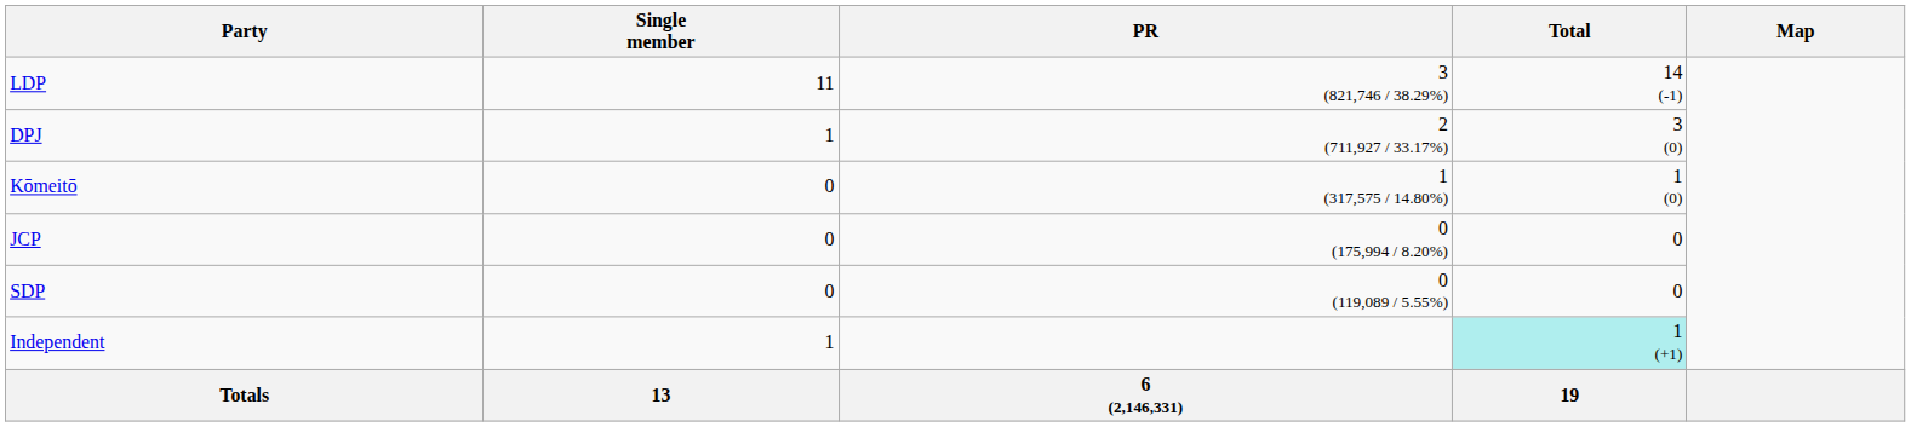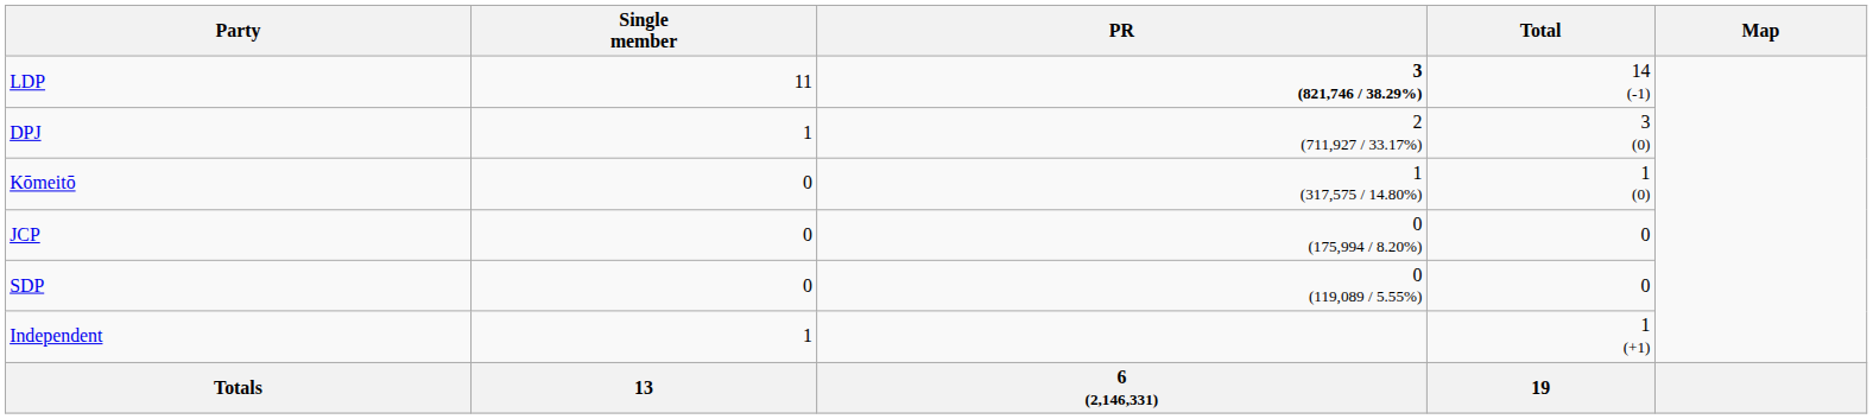 <table class="wikitable" width="100%">
 <tr>
 <th>Party</th>
 <th>Single<br>member</th>
 <th>PR</th>
 <th>Total</th>
 <th>Map</th>
 </tr>
 <tr>
 <td><a href='#'>LDP</a></td>
 <td align="right">11</td>
-<td align="right">3<br><small>(821,746 / 38.29%)</small></td>
+<td align="right"><strong>3<br><small>(821,746 / 38.29%)</small></strong></td>
 <td align="right">14<br><small>(-1)</small></td>
 <td rowspan=6 align="center"></td>
 </tr>
 <tr>
 <td><a href='#'>DPJ</a></td>
 <td align="right">1</td>
 <td align="right">2<br><small>(711,927 / 33.17%)</small></td>
 <td align="right">3<br><small>(0)</small></td>
 </tr>
 <tr>
 <td><a href='#'>Kōmeitō</a></td>
 <td align="right">0</td>
 <td align="right">1<br><small>(317,575 / 14.80%)</small></td>
 <td align="right">1<br><small>(0)</small></td>
 </tr>
 <tr>
 <td><a href='#'>JCP</a></td>
 <td align="right">0</td>
 <td align="right">0<br><small>(175,994 / 8.20%)</small></td>
 <td align="right">0</td>
 </tr>
 <tr>
 <td><a href='#'>SDP</a></td>
 <td align="right">0</td>
 <td align="right">0<br><small>(119,089 / 5.55%)</small></td>
 <td align="right">0</td>
 </tr>
 <tr>
 <td><a href='#'>Independent</a></td>
 <td align="right">1</td>
 <td align="right"></td>
-<td align="right" style="background: paleturquoise;">1<br><small>(+1)</small></td>
+<td align="right">1<br><small>(+1)</small></td>
 </tr>
 <tr bgcolor=lightgrey>
 <th><strong>Totals</strong></th>
 <th align="right">13</th>
 <th align="right">6<br><small>(2,146,331)</small></th>
 <th align="right">19</th>
 <th></th>
 </tr>
 </table>
